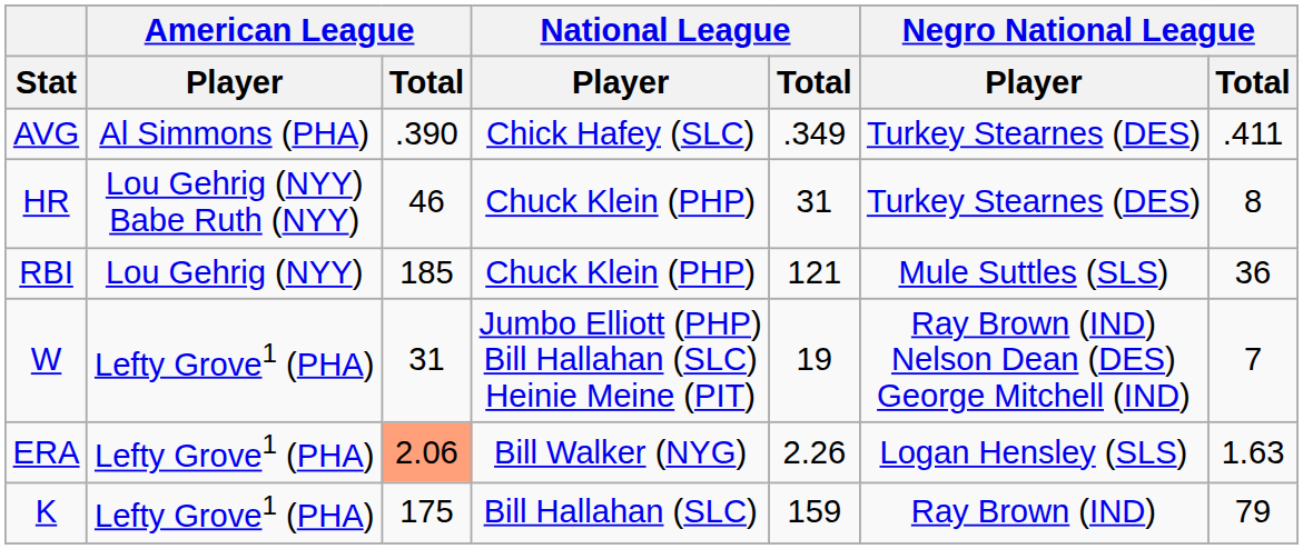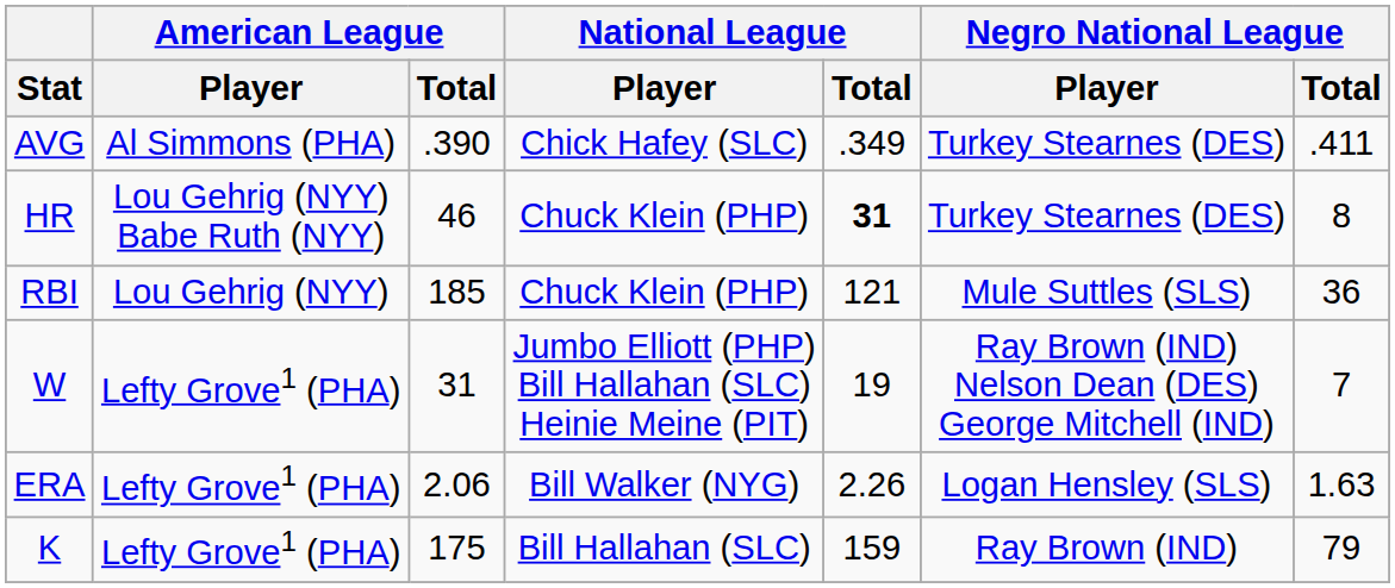 <table class="wikitable" style="text-align:center;">
 <tr>
 <th></th>
 <th colspan="2"><a href='#'>American League</a></th>
 <th colspan="2"><a href='#'>National League</a></th>
 <th colspan="2"><a href='#'>Negro National League</a></th>
 </tr>
 <tr>
 <th>Stat</th>
 <th>Player</th>
 <th>Total</th>
 <th>Player</th>
 <th>Total</th>
 <th>Player</th>
 <th>Total</th>
 </tr>
 <tr>
 <td><a href='#'>AVG</a></td>
 <td><a href='#'>Al Simmons</a> (<a href='#'>PHA</a>)</td>
 <td>.390</td>
 <td><a href='#'>Chick Hafey</a> (<a href='#'>SLC</a>)</td>
 <td>.349</td>
 <td><a href='#'>Turkey Stearnes</a> (<a href='#'>DES</a>)</td>
 <td>.411</td>
 </tr>
 <tr>
 <td><a href='#'>HR</a></td>
 <td><a href='#'>Lou Gehrig</a> (<a href='#'>NYY</a>)<br><a href='#'>Babe Ruth</a> (<a href='#'>NYY</a>)</td>
 <td>46</td>
 <td><a href='#'>Chuck Klein</a> (<a href='#'>PHP</a>)</td>
-<td>31</td>
+<td><strong>31</strong></td>
 <td><a href='#'>Turkey Stearnes</a> (<a href='#'>DES</a>)</td>
 <td>8</td>
 </tr>
 <tr>
 <td><a href='#'>RBI</a></td>
 <td><a href='#'>Lou Gehrig</a> (<a href='#'>NYY</a>)</td>
 <td>185</td>
 <td><a href='#'>Chuck Klein</a> (<a href='#'>PHP</a>)</td>
 <td>121</td>
 <td><a href='#'>Mule Suttles</a> (<a href='#'>SLS</a>)</td>
 <td>36</td>
 </tr>
 <tr>
 <td><a href='#'>W</a></td>
 <td><a href='#'>Lefty Grove</a><sup>1</sup> (<a href='#'>PHA</a>)</td>
 <td>31</td>
 <td><a href='#'>Jumbo Elliott</a> (<a href='#'>PHP</a>)<br><a href='#'>Bill Hallahan</a> (<a href='#'>SLC</a>)<br><a href='#'>Heinie Meine</a> (<a href='#'>PIT</a>)</td>
 <td>19</td>
 <td><a href='#'>Ray Brown</a> (<a href='#'>IND</a>)<br><a href='#'>Nelson Dean</a> (<a href='#'>DES</a>)<br><a href='#'>George Mitchell</a> (<a href='#'>IND</a>)</td>
 <td>7</td>
 </tr>
 <tr>
 <td><a href='#'>ERA</a></td>
 <td><a href='#'>Lefty Grove</a><sup>1</sup> (<a href='#'>PHA</a>)</td>
-<td style="background: lightsalmon;">2.06</td>
+<td>2.06</td>
 <td><a href='#'>Bill Walker</a> (<a href='#'>NYG</a>)</td>
 <td>2.26</td>
 <td><a href='#'>Logan Hensley</a> (<a href='#'>SLS</a>)</td>
 <td>1.63</td>
 </tr>
 <tr>
 <td><a href='#'>K</a></td>
 <td><a href='#'>Lefty Grove</a><sup>1</sup> (<a href='#'>PHA</a>)</td>
 <td>175</td>
 <td><a href='#'>Bill Hallahan</a> (<a href='#'>SLC</a>)</td>
 <td>159</td>
 <td><a href='#'>Ray Brown</a> (<a href='#'>IND</a>)</td>
 <td>79</td>
 </tr>
 </table>
